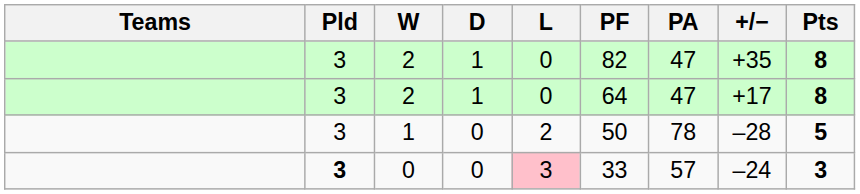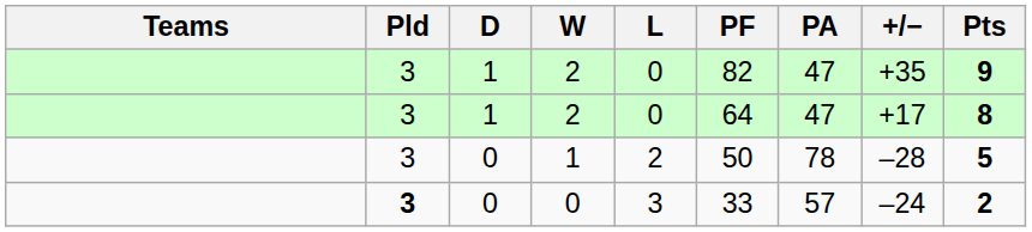 <table class="wikitable" style="text-align: center;">
 <tr>
 <th width="200">Teams</th>
 <th width="40">Pld</th>
+<th width="40">D</th>
 <th width="40">W</th>
-<th width="40">D</th>
 <th width="40">L</th>
 <th width="40">PF</th>
 <th width="40">PA</th>
 <th width="40">+/−</th>
 <th width="40">Pts</th>
 </tr>
 <tr bgcolor=ccffcc>
 <td align=left></td>
 <td>3</td>
+<td>1</td>
 <td>2</td>
-<td>1</td>
 <td>0</td>
 <td>82</td>
 <td>47</td>
 <td>+35</td>
-<td><strong>8</strong></td>
+<td><strong>9</strong></td>
 </tr>
 <tr bgcolor=ccffcc>
 <td align=left></td>
 <td>3</td>
+<td>1</td>
 <td>2</td>
-<td>1</td>
 <td>0</td>
 <td>64</td>
 <td>47</td>
 <td>+17</td>
 <td><strong>8</strong></td>
 </tr>
 <tr>
 <td align=left></td>
 <td>3</td>
+<td>0</td>
 <td>1</td>
-<td>0</td>
 <td>2</td>
 <td>50</td>
 <td>78</td>
 <td>–28</td>
 <td><strong>5</strong></td>
 </tr>
 <tr>
 <td align=left></td>
 <td><strong>3</strong></td>
 <td>0</td>
 <td>0</td>
-<td style="background: pink;">3</td>
+<td>3</td>
 <td>33</td>
 <td>57</td>
 <td>–24</td>
-<td><strong>3</strong></td>
+<td><strong>2</strong></td>
 </tr>
 </table>
